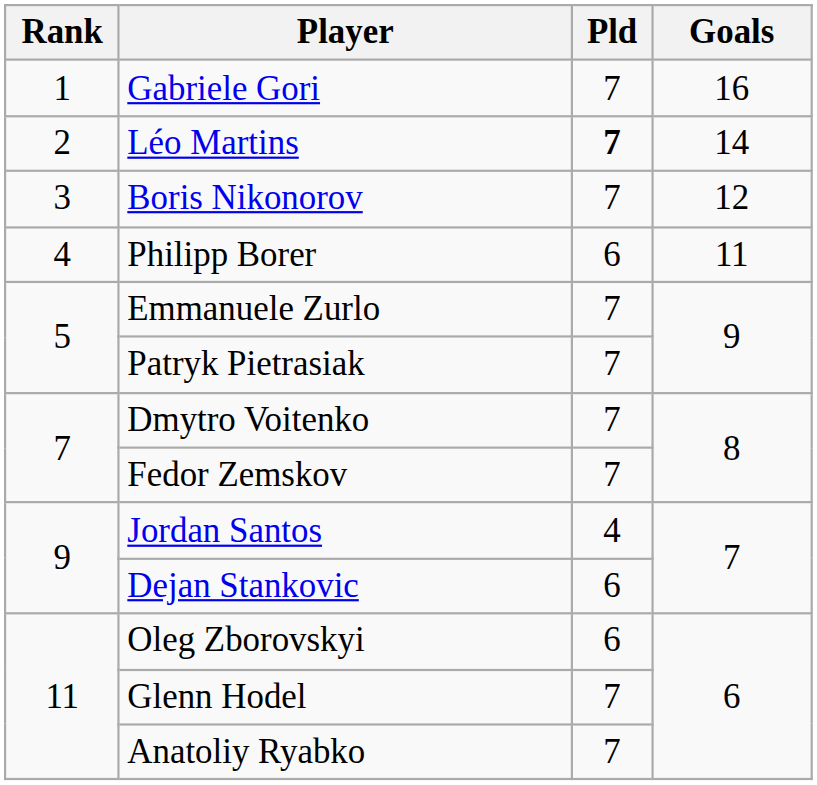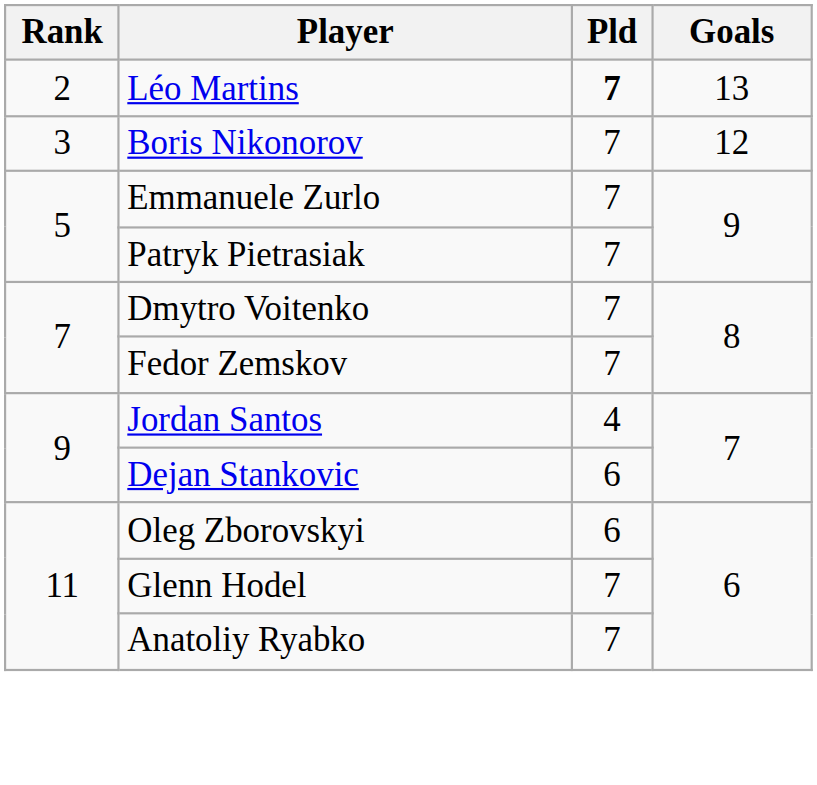 <table class="wikitable" style="text-align:center">
 <tr>
 <th width=45>Rank</th>
 <th width=200>Player</th>
 <th width=30>Pld</th>
 <th width=65>Goals</th>
 </tr>
 <tr>
-<td>1</td>
-<td style="text-align:left"> <a href='#'>Gabriele Gori</a></td>
-<td>7</td>
-<td>16</td>
-</tr>
-<tr>
 <td>2</td>
 <td style="text-align:left"> <a href='#'>Léo Martins</a></td>
 <td><strong>7</strong></td>
-<td>14</td>
+<td>13</td>
 </tr>
 <tr>
 <td>3</td>
 <td style="text-align:left"> <a href='#'>Boris Nikonorov</a></td>
 <td>7</td>
 <td>12</td>
-</tr>
-<tr>
-<td>4</td>
-<td style="text-align:left"> Philipp Borer</td>
-<td>6</td>
-<td>11</td>
 </tr>
 <tr>
 <td rowspan=2>5</td>
 <td style="text-align:left"> Emmanuele Zurlo</td>
 <td>7</td>
 <td rowspan=2>9</td>
 </tr>
 <tr>
 <td style="text-align:left"> Patryk Pietrasiak</td>
 <td>7</td>
 </tr>
 <tr>
 <td rowspan=2>7</td>
 <td style="text-align:left"> Dmytro Voitenko</td>
 <td>7</td>
 <td rowspan=2>8</td>
 </tr>
 <tr>
 <td style="text-align:left"> Fedor Zemskov</td>
 <td>7</td>
 </tr>
 <tr>
 <td rowspan=2>9</td>
 <td style="text-align:left"> <a href='#'>Jordan Santos</a></td>
 <td>4</td>
 <td rowspan=2>7</td>
 </tr>
 <tr>
 <td style="text-align:left"> <a href='#'>Dejan Stankovic</a></td>
 <td>6</td>
 </tr>
 <tr>
 <td rowspan=3>11</td>
 <td style="text-align:left"> Oleg Zborovskyi</td>
 <td>6</td>
 <td rowspan=3>6</td>
 </tr>
 <tr>
 <td style="text-align:left"> Glenn Hodel</td>
 <td>7</td>
 </tr>
 <tr>
 <td style="text-align:left"> Anatoliy Ryabko</td>
 <td>7</td>
 </tr>
 </table>
